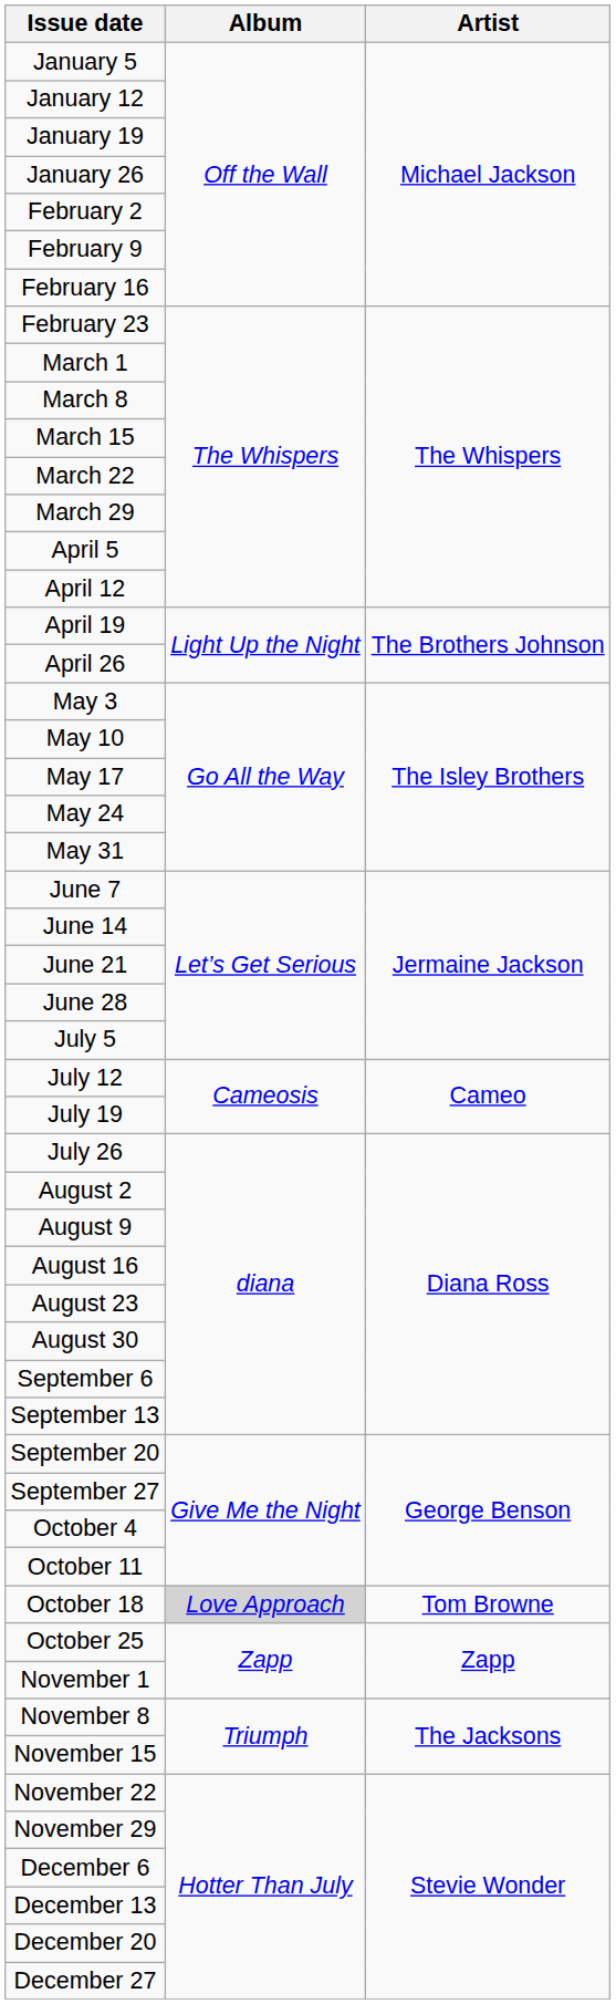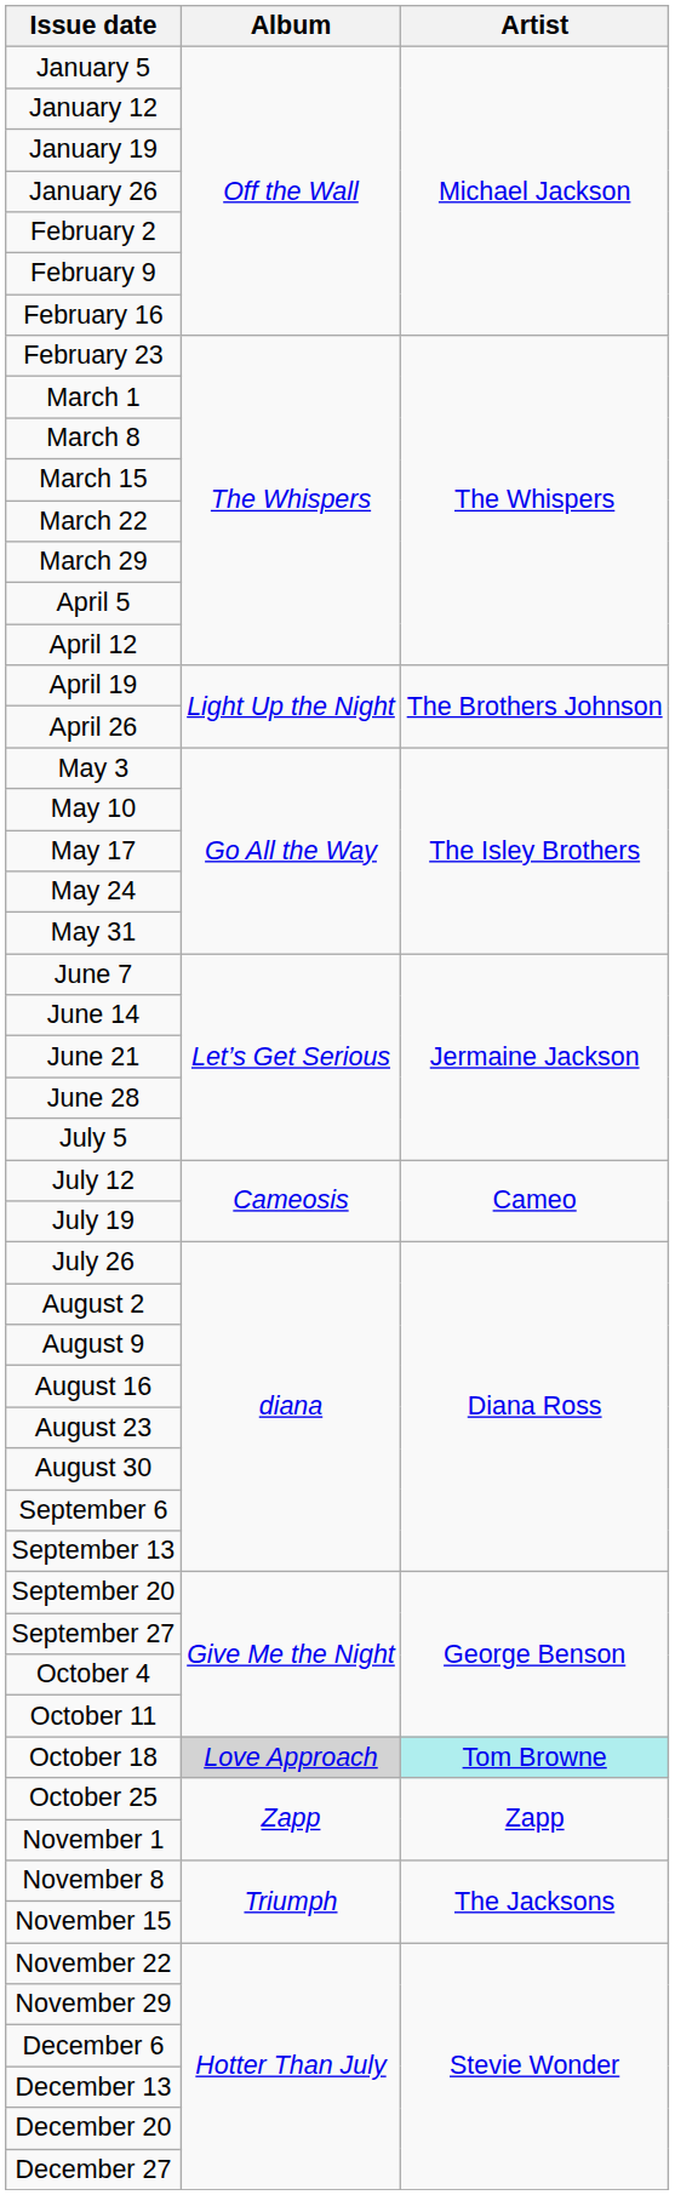 <table class="wikitable" style="text-align: center;">
 <tr>
 <th>Issue date</th>
 <th>Album</th>
 <th>Artist</th>
 </tr>
 <tr>
 <td>January 5</td>
 <td rowspan="7"><em><a href='#'>Off the Wall</a></em></td>
 <td rowspan="7"><a href='#'>Michael Jackson</a></td>
 </tr>
 <tr>
 <td>January 12</td>
 </tr>
 <tr>
 <td>January 19</td>
 </tr>
 <tr>
 <td>January 26</td>
 </tr>
 <tr>
 <td>February 2</td>
 </tr>
 <tr>
 <td>February 9</td>
 </tr>
 <tr>
 <td>February 16</td>
 </tr>
 <tr>
 <td>February 23</td>
 <td rowspan="8"><em><a href='#'>The Whispers</a></em></td>
 <td rowspan="8"><a href='#'>The Whispers</a></td>
 </tr>
 <tr>
 <td>March 1</td>
 </tr>
 <tr>
 <td>March 8</td>
 </tr>
 <tr>
 <td>March 15</td>
 </tr>
 <tr>
 <td>March 22</td>
 </tr>
 <tr>
 <td>March 29</td>
 </tr>
 <tr>
 <td>April 5</td>
 </tr>
 <tr>
 <td>April 12</td>
 </tr>
 <tr>
 <td>April 19</td>
 <td rowspan="2"><em><a href='#'>Light Up the Night</a></em></td>
 <td rowspan="2"><a href='#'>The Brothers Johnson</a></td>
 </tr>
 <tr>
 <td>April 26</td>
 </tr>
 <tr>
 <td>May 3</td>
 <td rowspan="5"><em><a href='#'>Go All the Way</a></em></td>
 <td rowspan="5"><a href='#'>The Isley Brothers</a></td>
 </tr>
 <tr>
 <td>May 10</td>
 </tr>
 <tr>
 <td>May 17</td>
 </tr>
 <tr>
 <td>May 24</td>
 </tr>
 <tr>
 <td>May 31</td>
 </tr>
 <tr>
 <td>June 7</td>
 <td rowspan="5"><em><a href='#'>Let’s Get Serious</a></em></td>
 <td rowspan="5"><a href='#'>Jermaine Jackson</a></td>
 </tr>
 <tr>
 <td>June 14</td>
 </tr>
 <tr>
 <td>June 21</td>
 </tr>
 <tr>
 <td>June 28</td>
 </tr>
 <tr>
 <td>July 5</td>
 </tr>
 <tr>
 <td>July 12</td>
 <td rowspan="2"><em><a href='#'>Cameosis</a></em></td>
 <td rowspan="2"><a href='#'>Cameo</a></td>
 </tr>
 <tr>
 <td>July 19</td>
 </tr>
 <tr>
 <td>July 26</td>
 <td rowspan="8"><em><a href='#'>diana</a></em></td>
 <td rowspan="8"><a href='#'>Diana Ross</a></td>
 </tr>
 <tr>
 <td>August 2</td>
 </tr>
 <tr>
 <td>August 9</td>
 </tr>
 <tr>
 <td>August 16</td>
 </tr>
 <tr>
 <td>August 23</td>
 </tr>
 <tr>
 <td>August 30</td>
 </tr>
 <tr>
 <td>September 6</td>
 </tr>
 <tr>
 <td>September 13</td>
 </tr>
 <tr>
 <td>September 20</td>
 <td rowspan="4"><em><a href='#'>Give Me the Night</a></em></td>
 <td rowspan="4"><a href='#'>George Benson</a></td>
 </tr>
 <tr>
 <td>September 27</td>
 </tr>
 <tr>
 <td>October 4</td>
 </tr>
 <tr>
 <td>October 11</td>
 </tr>
 <tr>
 <td>October 18</td>
 <td style="background: lightgrey;"><em><a href='#'>Love Approach</a></em></td>
-<td><a href='#'>Tom Browne</a></td>
+<td style="background: paleturquoise;"><a href='#'>Tom Browne</a></td>
 </tr>
 <tr>
 <td>October 25</td>
 <td rowspan="2"><em><a href='#'>Zapp</a></em></td>
 <td rowspan="2"><a href='#'>Zapp</a></td>
 </tr>
 <tr>
 <td>November 1</td>
 </tr>
 <tr>
 <td>November 8</td>
 <td rowspan="2"><em><a href='#'>Triumph</a></em></td>
 <td rowspan="2"><a href='#'>The Jacksons</a></td>
 </tr>
 <tr>
 <td>November 15</td>
 </tr>
 <tr>
 <td>November 22</td>
 <td rowspan="6"><em><a href='#'>Hotter Than July</a></em></td>
 <td rowspan="6"><a href='#'>Stevie Wonder</a></td>
 </tr>
 <tr>
 <td>November 29</td>
 </tr>
 <tr>
 <td>December 6</td>
 </tr>
 <tr>
 <td>December 13</td>
 </tr>
 <tr>
 <td>December 20</td>
 </tr>
 <tr>
 <td>December 27</td>
 </tr>
 <tr>
 </tr>
 </table>
